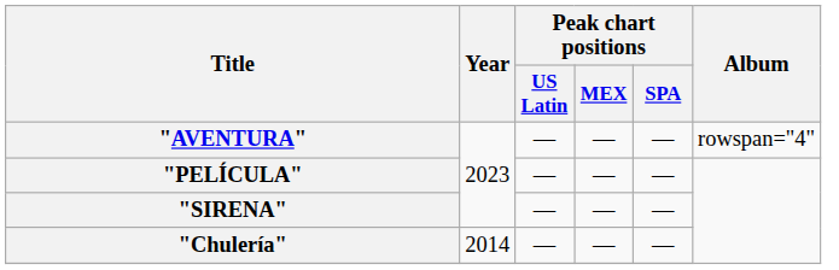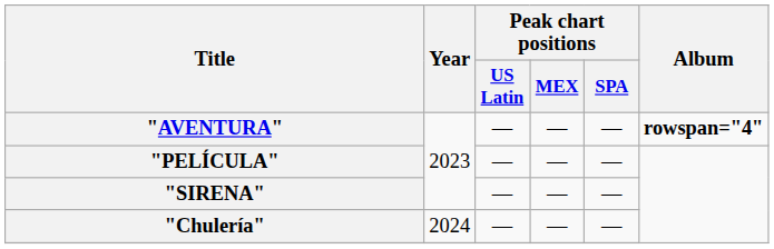 <table class="wikitable plainrowheaders" style="text-align:center;">
 <tr>
 <th scope="col" rowspan="2" style="width:20em;">Title</th>
 <th scope="col" rowspan="2">Year</th>
 <th colspan="3">Peak chart positions</th>
 <th scope="col" rowspan="2">Album</th>
 </tr>
 <tr>
 <th scope="col" style="width:2.5em;font-size:90%;"><a href='#'>US<br>Latin</a><br></th>
 <th scope="col" style="width:2.5em;font-size:90%;"><a href='#'>MEX</a><br></th>
 <th scope="col" style="width:2.5em;font-size:90%;"><a href='#'>SPA</a><br></th>
 </tr>
 <tr>
 <th scope="row">"<a href='#'>AVENTURA</a>" </th>
 <td rowspan="3">2023</td>
 <td>—</td>
 <td>—</td>
 <td —>—</td>
-<td>rowspan="4" </td>
+<td><strong>rowspan="4" </strong></td>
 </tr>
 <tr>
 <th scope="row">"PELÍCULA" </th>
 <td>—</td>
 <td>—</td>
 <td>—</td>
 </tr>
 <tr>
 <th scope="row">"SIRENA" </th>
 <td>—</td>
 <td>—</td>
 <td>—</td>
 </tr>
 <tr>
 <th scope="row">"Chulería" </th>
-<td>2014</td>
+<td>2024</td>
 <td>—</td>
 <td>—</td>
 <td>—</td>
 </tr>
 <tr>
 </tr>
 </table>
